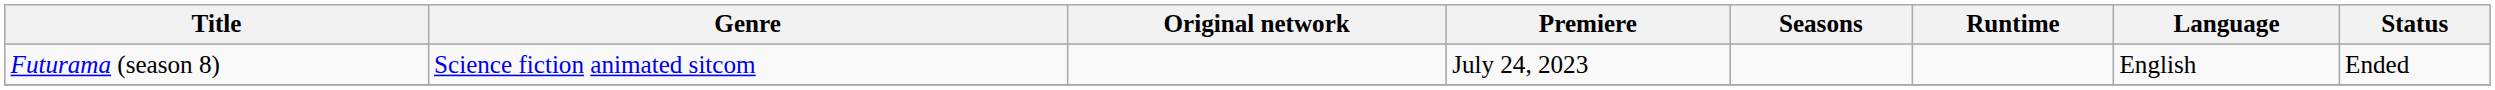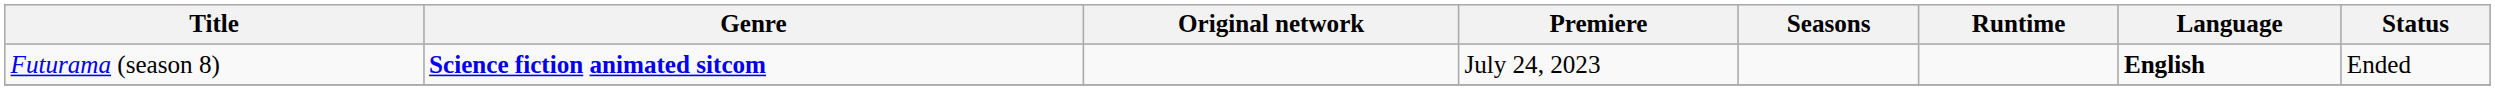 <table class="wikitable sortable" style="width:100%;">
 <tr>
 <th>Title</th>
 <th>Genre</th>
 <th>Original network</th>
 <th>Premiere</th>
 <th>Seasons</th>
 <th>Runtime</th>
 <th>Language</th>
 <th>Status</th>
 </tr>
 <tr>
 <td><em><a href='#'>Futurama</a></em> (season 8)</td>
-<td><a href='#'>Science fiction</a> <a href='#'>animated sitcom</a></td>
+<td><strong><a href='#'>Science fiction</a> <a href='#'>animated sitcom</a></strong></td>
 <td></td>
 <td>July 24, 2023</td>
 <td></td>
 <td></td>
-<td>English</td>
+<td><strong>English</strong></td>
 <td>Ended</td>
 </tr>
 <tr>
 </tr>
 </table>
